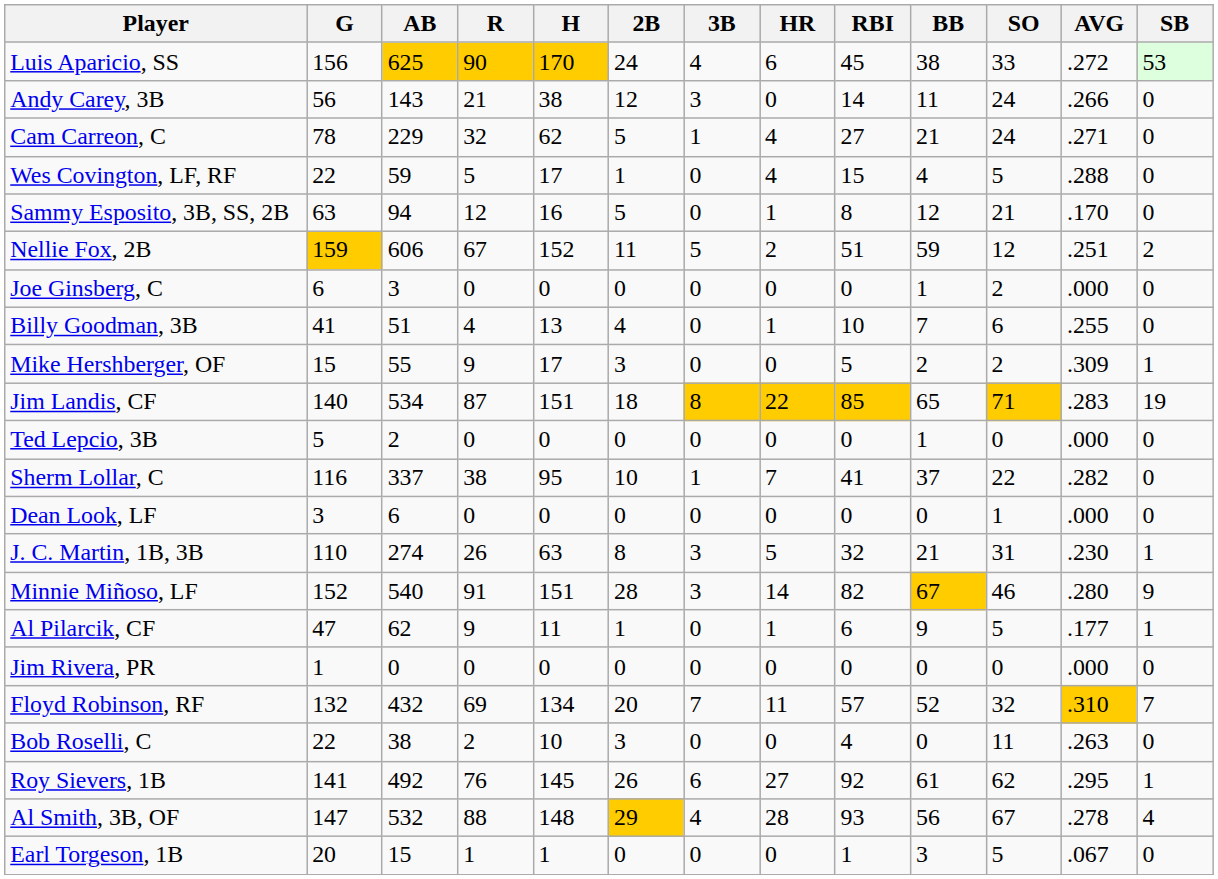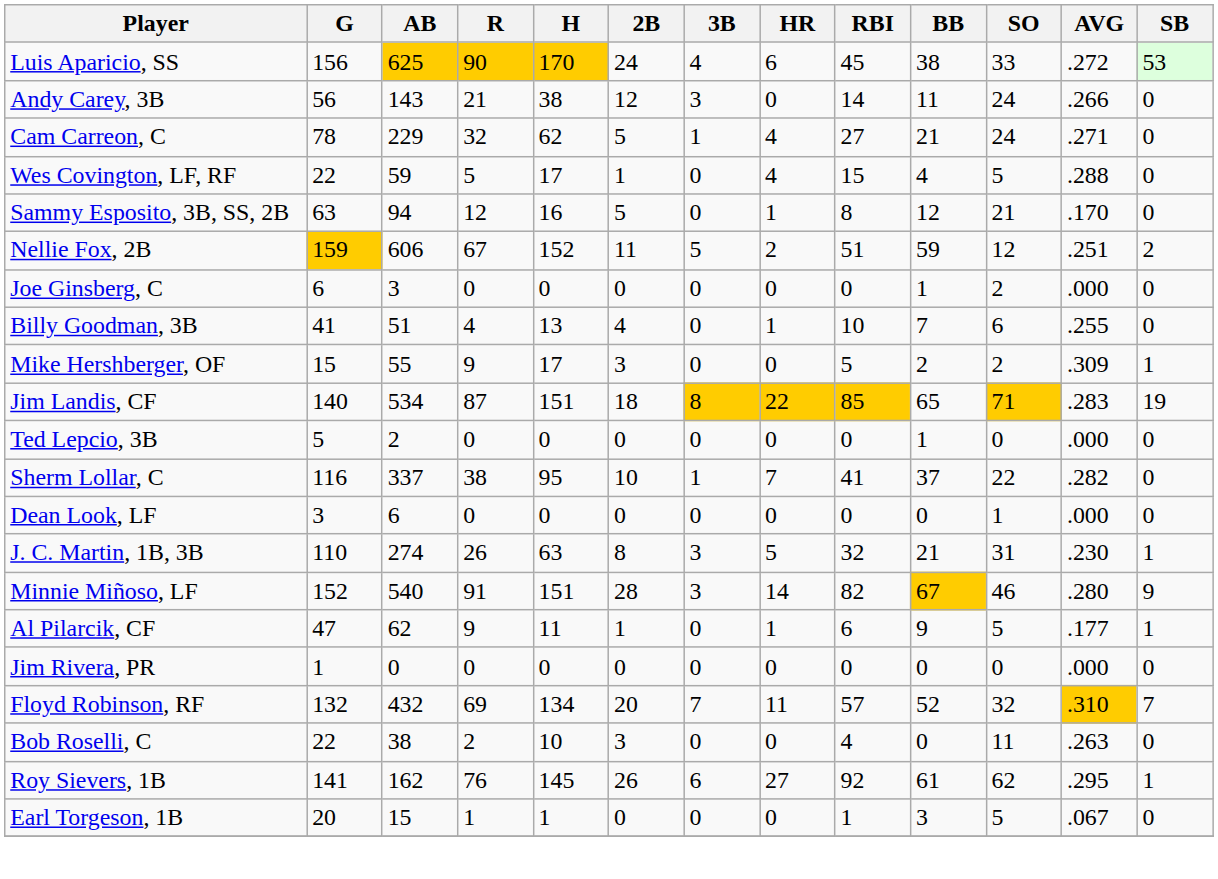 <table class="wikitable sortable">
 <tr>
 <th width="24%">Player</th>
 <th width="6%">G</th>
 <th width="6%">AB</th>
 <th width="6%">R</th>
 <th width="6%">H</th>
 <th width="6%">2B</th>
 <th width="6%">3B</th>
 <th width="6%">HR</th>
 <th width="6%">RBI</th>
 <th width="6%">BB</th>
 <th width="6%">SO</th>
 <th width="6%">AVG</th>
 <th width="6%">SB</th>
 </tr>
 <tr>
 <td><a href='#'>Luis Aparicio</a>, SS</td>
 <td>156</td>
 <td style="background:#fc0;">625</td>
 <td style="background:#fc0;">90</td>
 <td style="background:#fc0;">170</td>
 <td>24</td>
 <td>4</td>
 <td>6</td>
 <td>45</td>
 <td>38</td>
 <td>33</td>
 <td>.272</td>
 <td style="background:#DDFFDD;">53</td>
 </tr>
 <tr>
 <td><a href='#'>Andy Carey</a>, 3B</td>
 <td>56</td>
 <td>143</td>
 <td>21</td>
 <td>38</td>
 <td>12</td>
 <td>3</td>
 <td>0</td>
 <td>14</td>
 <td>11</td>
 <td>24</td>
 <td>.266</td>
 <td>0</td>
 </tr>
 <tr>
 <td><a href='#'>Cam Carreon</a>, C</td>
 <td>78</td>
 <td>229</td>
 <td>32</td>
 <td>62</td>
 <td>5</td>
 <td>1</td>
 <td>4</td>
 <td>27</td>
 <td>21</td>
 <td>24</td>
 <td>.271</td>
 <td>0</td>
 </tr>
 <tr>
 <td><a href='#'>Wes Covington</a>, LF, RF</td>
 <td>22</td>
 <td>59</td>
 <td>5</td>
 <td>17</td>
 <td>1</td>
 <td>0</td>
 <td>4</td>
 <td>15</td>
 <td>4</td>
 <td>5</td>
 <td>.288</td>
 <td>0</td>
 </tr>
 <tr>
 <td><a href='#'>Sammy Esposito</a>, 3B, SS, 2B</td>
 <td>63</td>
 <td>94</td>
 <td>12</td>
 <td>16</td>
 <td>5</td>
 <td>0</td>
 <td>1</td>
 <td>8</td>
 <td>12</td>
 <td>21</td>
 <td>.170</td>
 <td>0</td>
 </tr>
 <tr>
 <td><a href='#'>Nellie Fox</a>, 2B</td>
 <td style="background:#fc0;">159</td>
 <td>606</td>
 <td>67</td>
 <td>152</td>
 <td>11</td>
 <td>5</td>
 <td>2</td>
 <td>51</td>
 <td>59</td>
 <td>12</td>
 <td>.251</td>
 <td>2</td>
 </tr>
 <tr>
 <td><a href='#'>Joe Ginsberg</a>, C</td>
 <td>6</td>
 <td>3</td>
 <td>0</td>
 <td>0</td>
 <td>0</td>
 <td>0</td>
 <td>0</td>
 <td>0</td>
 <td>1</td>
 <td>2</td>
 <td>.000</td>
 <td>0</td>
 </tr>
 <tr>
 <td><a href='#'>Billy Goodman</a>, 3B</td>
 <td>41</td>
 <td>51</td>
 <td>4</td>
 <td>13</td>
 <td>4</td>
 <td>0</td>
 <td>1</td>
 <td>10</td>
 <td>7</td>
 <td>6</td>
 <td>.255</td>
 <td>0</td>
 </tr>
 <tr>
 <td><a href='#'>Mike Hershberger</a>, OF</td>
 <td>15</td>
 <td>55</td>
 <td>9</td>
 <td>17</td>
 <td>3</td>
 <td>0</td>
 <td>0</td>
 <td>5</td>
 <td>2</td>
 <td>2</td>
 <td>.309</td>
 <td>1</td>
 </tr>
 <tr>
 <td><a href='#'>Jim Landis</a>, CF</td>
 <td>140</td>
 <td>534</td>
 <td>87</td>
 <td>151</td>
 <td>18</td>
 <td style="background:#fc0;">8</td>
 <td style="background:#fc0;">22</td>
 <td style="background:#fc0;">85</td>
 <td>65</td>
 <td style="background:#fc0;">71</td>
 <td>.283</td>
 <td>19</td>
 </tr>
 <tr>
 <td><a href='#'>Ted Lepcio</a>, 3B</td>
 <td>5</td>
 <td>2</td>
 <td>0</td>
 <td>0</td>
 <td>0</td>
 <td>0</td>
 <td>0</td>
 <td>0</td>
 <td>1</td>
 <td>0</td>
 <td>.000</td>
 <td>0</td>
 </tr>
 <tr>
 <td><a href='#'>Sherm Lollar</a>, C</td>
 <td>116</td>
 <td>337</td>
 <td>38</td>
 <td>95</td>
 <td>10</td>
 <td>1</td>
 <td>7</td>
 <td>41</td>
 <td>37</td>
 <td>22</td>
 <td>.282</td>
 <td>0</td>
 </tr>
 <tr>
 <td><a href='#'>Dean Look</a>, LF</td>
 <td>3</td>
 <td>6</td>
 <td>0</td>
 <td>0</td>
 <td>0</td>
 <td>0</td>
 <td>0</td>
 <td>0</td>
 <td>0</td>
 <td>1</td>
 <td>.000</td>
 <td>0</td>
 </tr>
 <tr>
 <td><a href='#'>J. C. Martin</a>, 1B, 3B</td>
 <td>110</td>
 <td>274</td>
 <td>26</td>
 <td>63</td>
 <td>8</td>
 <td>3</td>
 <td>5</td>
 <td>32</td>
 <td>21</td>
 <td>31</td>
 <td>.230</td>
 <td>1</td>
 </tr>
 <tr>
 <td><a href='#'>Minnie Miñoso</a>, LF</td>
 <td>152</td>
 <td>540</td>
 <td>91</td>
 <td>151</td>
 <td>28</td>
 <td>3</td>
 <td>14</td>
 <td>82</td>
 <td style="background:#fc0;">67</td>
 <td>46</td>
 <td>.280</td>
 <td>9</td>
 </tr>
 <tr>
 <td><a href='#'>Al Pilarcik</a>, CF</td>
 <td>47</td>
 <td>62</td>
 <td>9</td>
 <td>11</td>
 <td>1</td>
 <td>0</td>
 <td>1</td>
 <td>6</td>
 <td>9</td>
 <td>5</td>
 <td>.177</td>
 <td>1</td>
 </tr>
 <tr>
 <td><a href='#'>Jim Rivera</a>, PR</td>
 <td>1</td>
 <td>0</td>
 <td>0</td>
 <td>0</td>
 <td>0</td>
 <td>0</td>
 <td>0</td>
 <td>0</td>
 <td>0</td>
 <td>0</td>
 <td>.000</td>
 <td>0</td>
 </tr>
 <tr>
 <td><a href='#'>Floyd Robinson</a>, RF</td>
 <td>132</td>
 <td>432</td>
 <td>69</td>
 <td>134</td>
 <td>20</td>
 <td>7</td>
 <td>11</td>
 <td>57</td>
 <td>52</td>
 <td>32</td>
 <td style="background:#fc0;">.310</td>
 <td>7</td>
 </tr>
 <tr>
 <td><a href='#'>Bob Roselli</a>, C</td>
 <td>22</td>
 <td>38</td>
 <td>2</td>
 <td>10</td>
 <td>3</td>
 <td>0</td>
 <td>0</td>
 <td>4</td>
 <td>0</td>
 <td>11</td>
 <td>.263</td>
 <td>0</td>
 </tr>
 <tr>
 <td><a href='#'>Roy Sievers</a>, 1B</td>
 <td>141</td>
-<td>492</td>
+<td>162</td>
 <td>76</td>
 <td>145</td>
 <td>26</td>
 <td>6</td>
 <td>27</td>
 <td>92</td>
 <td>61</td>
 <td>62</td>
 <td>.295</td>
 <td>1</td>
-</tr>
-<tr>
-<td><a href='#'>Al Smith</a>, 3B, OF</td>
-<td>147</td>
-<td>532</td>
-<td>88</td>
-<td>148</td>
-<td style="background:#fc0;">29</td>
-<td>4</td>
-<td>28</td>
-<td>93</td>
-<td>56</td>
-<td>67</td>
-<td>.278</td>
-<td>4</td>
 </tr>
 <tr>
 <td><a href='#'>Earl Torgeson</a>, 1B</td>
 <td>20</td>
 <td>15</td>
 <td>1</td>
 <td>1</td>
 <td>0</td>
 <td>0</td>
 <td>0</td>
 <td>1</td>
 <td>3</td>
 <td>5</td>
 <td>.067</td>
 <td>0</td>
 </tr>
 <tr>
 </tr>
 </table>
